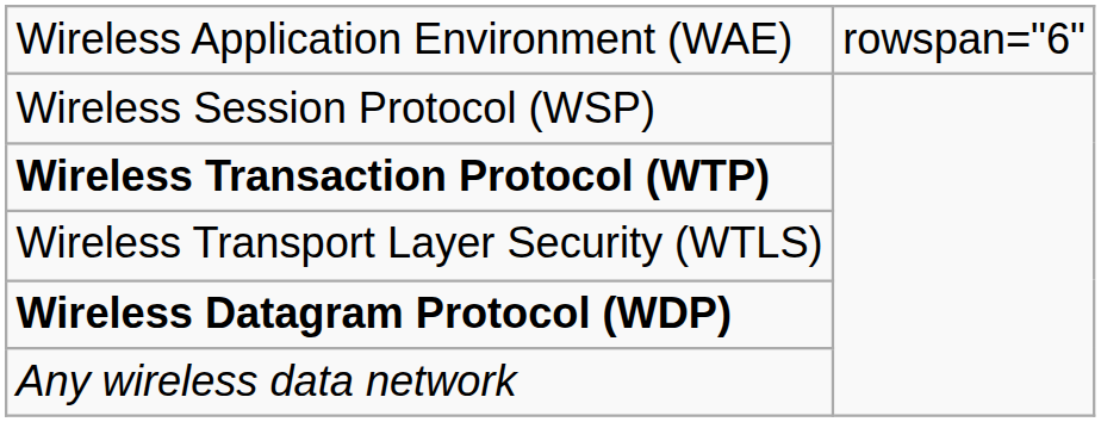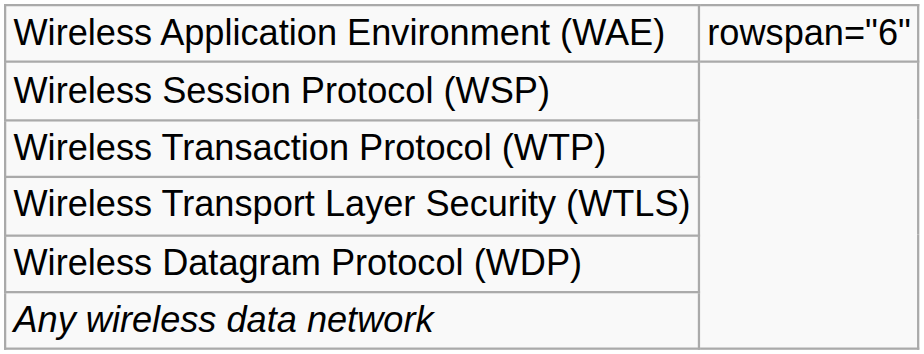 <table class="wikitable">
 <tr>
 <td>Wireless Application Environment (WAE)</td>
 <td>rowspan="6" </td>
 </tr>
 <tr>
 <td>Wireless Session Protocol (WSP)</td>
 </tr>
 <tr>
-<td><strong>Wireless Transaction Protocol (WTP)</strong></td>
+<td>Wireless Transaction Protocol (WTP)</td>
 </tr>
 <tr>
 <td>Wireless Transport Layer Security (WTLS)</td>
 </tr>
 <tr>
-<td><strong>Wireless Datagram Protocol (WDP)</strong></td>
+<td>Wireless Datagram Protocol (WDP)</td>
 </tr>
 <tr>
 <td><em>Any wireless data network</em></td>
 </tr>
 </table>
